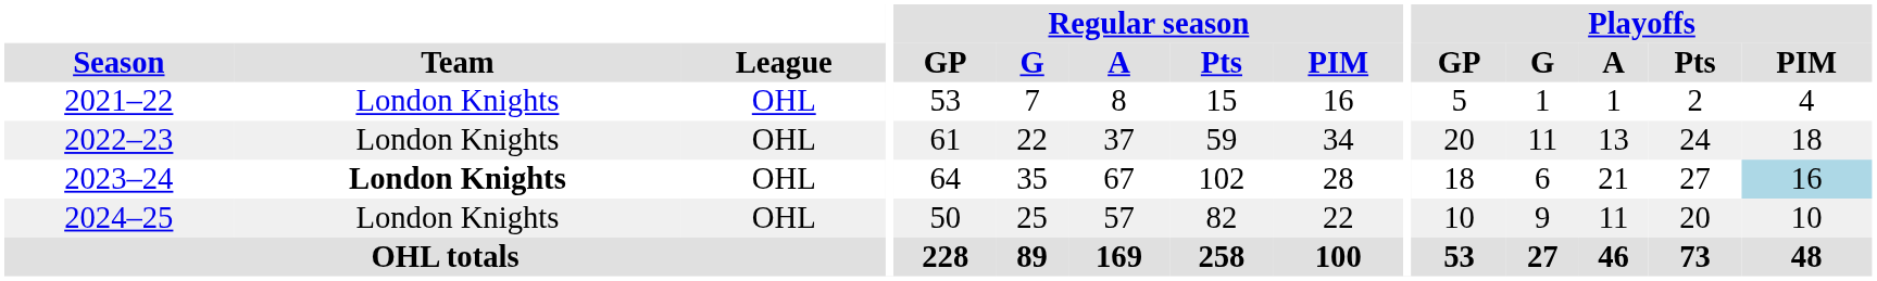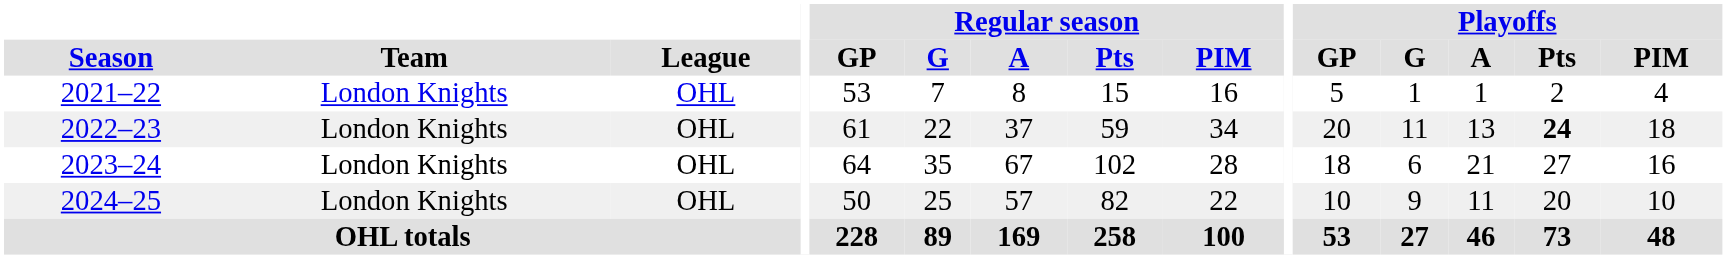 <table border="0" cellpadding="1" cellspacing="0" style="text-align:center; width:60em">
 <tr bgcolor="#e0e0e0">
 <th colspan="3" bgcolor="#ffffff"></th>
 <th rowspan="101" bgcolor="#ffffff"></th>
 <th colspan="5"><a href='#'>Regular season</a></th>
 <th rowspan="101" bgcolor="#ffffff"></th>
 <th colspan="5"><a href='#'>Playoffs</a></th>
 </tr>
 <tr bgcolor="#e0e0e0">
 <th><a href='#'>Season</a></th>
 <th>Team</th>
 <th>League</th>
 <th>GP</th>
 <th><a href='#'>G</a></th>
 <th><a href='#'>A</a></th>
 <th><a href='#'>Pts</a></th>
 <th><a href='#'>PIM</a></th>
 <th>GP</th>
 <th>G</th>
 <th>A</th>
 <th>Pts</th>
 <th>PIM</th>
 </tr>
 <tr>
 <td><a href='#'>2021–22</a></td>
 <td><a href='#'>London Knights</a></td>
 <td><a href='#'>OHL</a></td>
 <td>53</td>
 <td>7</td>
 <td>8</td>
 <td>15</td>
 <td>16</td>
 <td>5</td>
 <td>1</td>
 <td>1</td>
 <td>2</td>
 <td>4</td>
 </tr>
 <tr bgcolor="#f0f0f0">
 <td><a href='#'>2022–23</a></td>
 <td>London Knights</td>
 <td>OHL</td>
 <td>61</td>
 <td>22</td>
 <td>37</td>
 <td>59</td>
 <td>34</td>
 <td>20</td>
 <td>11</td>
 <td>13</td>
-<td>24</td>
+<td><strong>24</strong></td>
 <td>18</td>
 </tr>
 <tr>
 <td><a href='#'>2023–24</a></td>
-<td><strong>London Knights</strong></td>
+<td>London Knights</td>
 <td>OHL</td>
 <td>64</td>
 <td>35</td>
 <td>67</td>
 <td>102</td>
 <td>28</td>
 <td>18</td>
 <td>6</td>
 <td>21</td>
 <td>27</td>
-<td style="background: lightblue;">16</td>
+<td>16</td>
 </tr>
 <tr bgcolor="#f0f0f0">
 <td><a href='#'>2024–25</a></td>
 <td>London Knights</td>
 <td>OHL</td>
 <td>50</td>
 <td>25</td>
 <td>57</td>
 <td>82</td>
 <td>22</td>
 <td>10</td>
 <td>9</td>
 <td>11</td>
 <td>20</td>
 <td>10</td>
 </tr>
 <tr bgcolor="#e0e0e0">
 <th colspan="3">OHL totals</th>
 <th>228</th>
 <th>89</th>
 <th>169</th>
 <th>258</th>
 <th>100</th>
 <th>53</th>
 <th>27</th>
 <th>46</th>
 <th>73</th>
 <th>48</th>
 </tr>
 </table>
